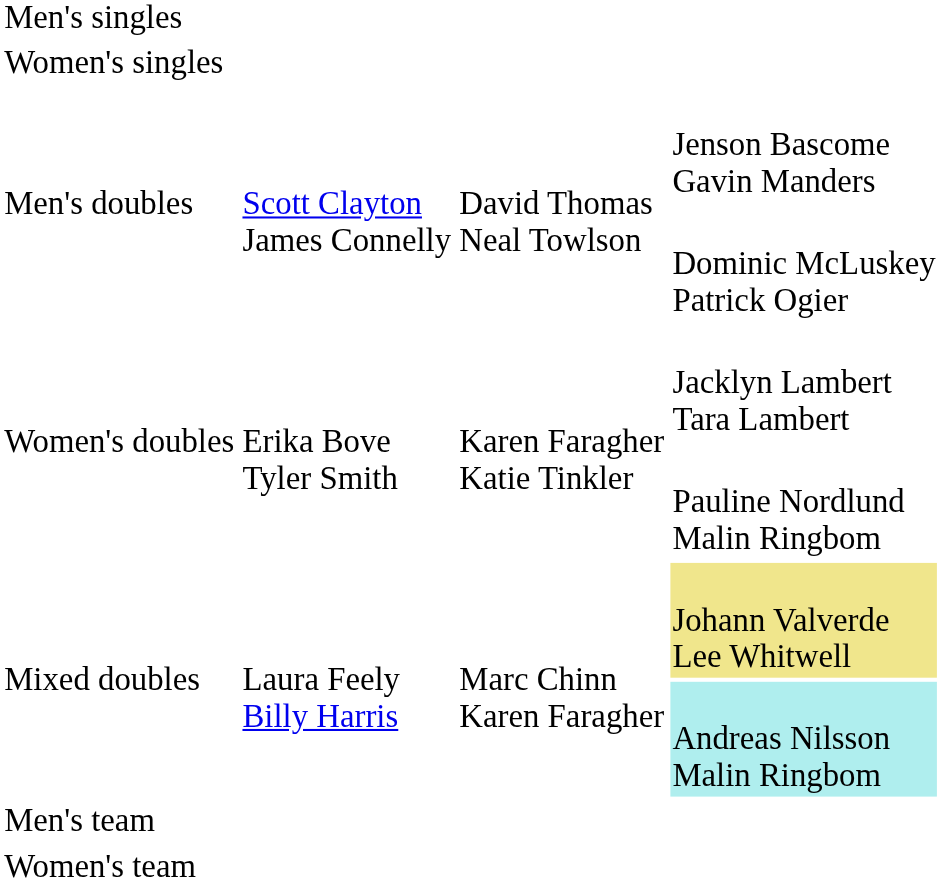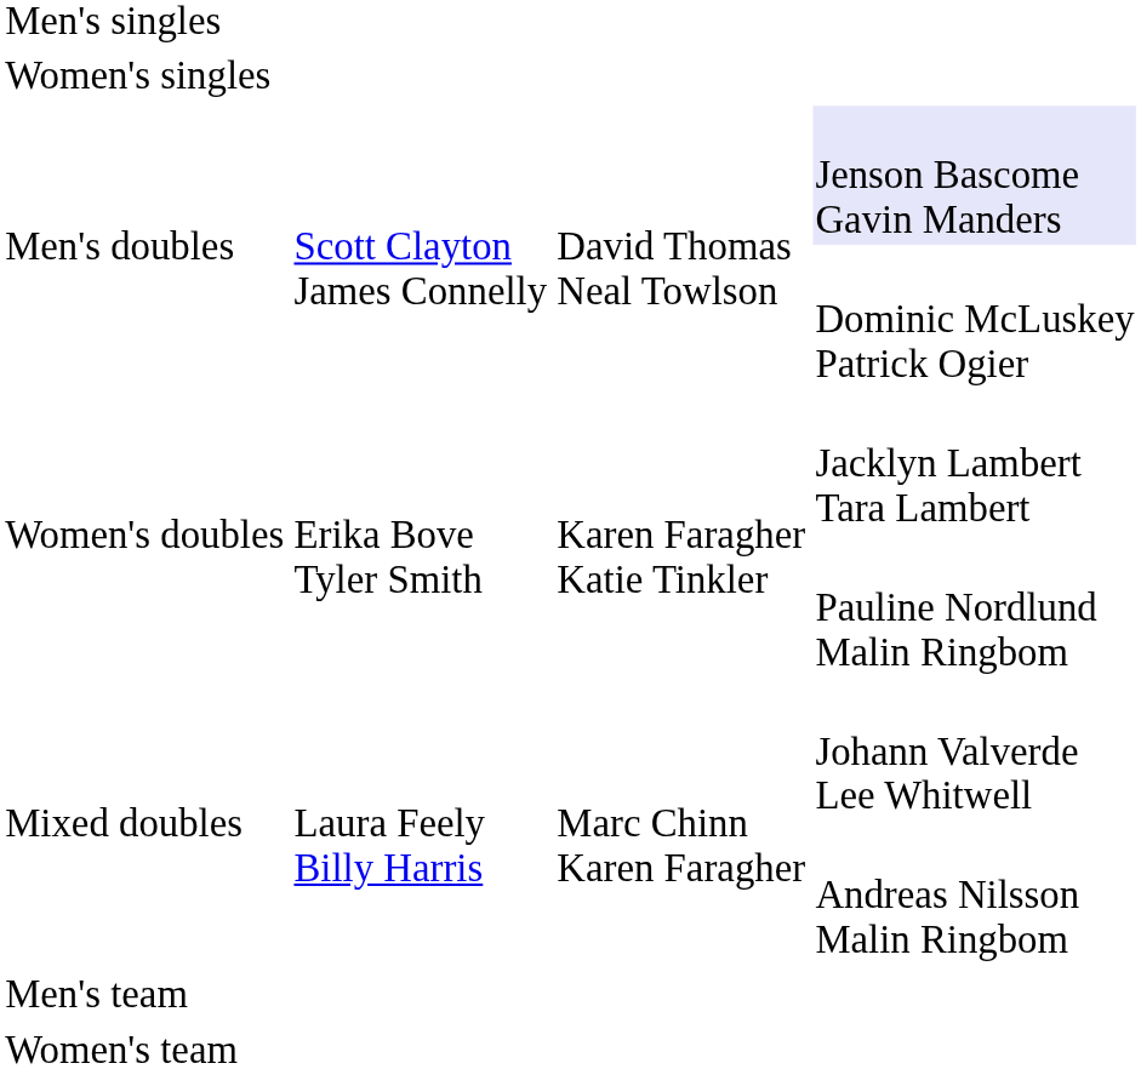 <table>
 <tr>
 <td rowspan=2>Men's singles</td>
 <td rowspan=2></td>
 <td rowspan=2></td>
 <td></td>
 </tr>
 <tr>
 <td></td>
 </tr>
 <tr>
 <td rowspan=2>Women's singles</td>
 <td rowspan=2></td>
 <td rowspan=2></td>
 <td></td>
 </tr>
 <tr>
 <td></td>
 </tr>
 <tr>
 <td rowspan=2>Men's doubles</td>
 <td rowspan=2><br><a href='#'>Scott Clayton</a><br>James Connelly</td>
 <td rowspan=2><br>David Thomas<br>Neal Towlson</td>
-<td><br>Jenson Bascome<br>Gavin Manders</td>
+<td style="background: lavender;"><br>Jenson Bascome<br>Gavin Manders</td>
 </tr>
 <tr>
 <td><br>Dominic McLuskey<br>Patrick Ogier</td>
 </tr>
 <tr>
 <td rowspan=2>Women's doubles</td>
 <td rowspan=2><br>Erika Bove<br>Tyler Smith</td>
 <td rowspan=2><br>Karen Faragher<br>Katie Tinkler</td>
 <td><br>Jacklyn Lambert<br>Tara Lambert</td>
 </tr>
 <tr>
 <td><br>Pauline Nordlund<br>Malin Ringbom</td>
 </tr>
 <tr>
 <td rowspan=2>Mixed doubles</td>
 <td rowspan=2><br>Laura Feely<br><a href='#'>Billy Harris</a></td>
 <td rowspan=2><br>Marc Chinn<br>Karen Faragher</td>
-<td style="background: khaki;"><br>Johann Valverde<br>Lee Whitwell</td>
+<td><br>Johann Valverde<br>Lee Whitwell</td>
 </tr>
 <tr>
-<td style="background: paleturquoise;"><br>Andreas Nilsson<br>Malin Ringbom</td>
+<td><br>Andreas Nilsson<br>Malin Ringbom</td>
 </tr>
 <tr>
 <td rowspan=2>Men's team</td>
 <td rowspan=2></td>
 <td rowspan=2></td>
 <td></td>
 </tr>
 <tr>
 <td></td>
 </tr>
 <tr>
 <td rowspan=2>Women's team</td>
 <td rowspan=2></td>
 <td rowspan=2></td>
 <td></td>
 </tr>
 <tr>
 <td></td>
 </tr>
 </table>
